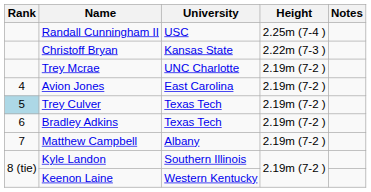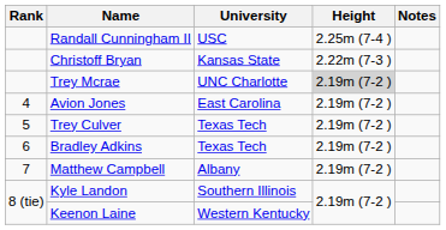 <table class="wikitable sortable" style="text-align:center">
 <tr>
 <th>Rank</th>
 <th>Name</th>
 <th>University</th>
 <th>Height</th>
 <th>Notes</th>
 </tr>
 <tr>
 <td></td>
 <td align=left><a href='#'>Randall Cunningham II</a></td>
 <td align=left><a href='#'>USC</a></td>
 <td>2.25m (7-4 )</td>
 <td></td>
 </tr>
 <tr>
 <td></td>
 <td align=left><a href='#'>Christoff Bryan</a> </td>
 <td align=left><a href='#'>Kansas State</a></td>
 <td>2.22m (7-3 )</td>
 <td></td>
 </tr>
 <tr>
 <td></td>
 <td align=left><a href='#'>Trey Mcrae</a></td>
 <td align=left><a href='#'>UNC Charlotte</a></td>
-<td>2.19m (7-2 )</td>
+<td style="background: lightgrey;">2.19m (7-2 )</td>
 <td></td>
 </tr>
 <tr>
 <td>4</td>
 <td align=left><a href='#'>Avion Jones</a></td>
 <td align=left><a href='#'>East Carolina</a></td>
 <td>2.19m (7-2 )</td>
 <td></td>
 </tr>
 <tr>
-<td style="background: lightblue;">5</td>
+<td>5</td>
 <td align=left><a href='#'>Trey Culver</a></td>
 <td align=left><a href='#'>Texas Tech</a></td>
 <td>2.19m (7-2 )</td>
 <td></td>
 </tr>
 <tr>
 <td>6</td>
 <td align=left><a href='#'>Bradley Adkins</a></td>
 <td align=left><a href='#'>Texas Tech</a></td>
 <td>2.19m (7-2 )</td>
 <td></td>
 </tr>
 <tr>
 <td>7</td>
 <td align=left><a href='#'>Matthew Campbell</a> </td>
 <td align=left><a href='#'>Albany</a></td>
 <td>2.19m (7-2 )</td>
 <td></td>
 </tr>
 <tr>
 <td rowspan=2>8 (tie)</td>
 <td align=left><a href='#'>Kyle Landon</a></td>
 <td align=left><a href='#'>Southern Illinois</a></td>
 <td rowspan=2>2.19m (7-2 )</td>
 <td></td>
 </tr>
 <tr>
 <td align=left><a href='#'>Keenon Laine</a></td>
 <td align=left><a href='#'>Western Kentucky</a></td>
 <td></td>
 </tr>
 </table>
